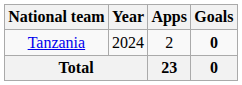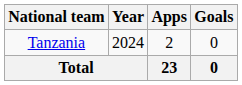 <table class="wikitable" style="text-align:center">
 <tr>
 <th>National team</th>
 <th>Year</th>
 <th>Apps</th>
 <th>Goals</th>
 </tr>
 <tr>
 <td rowspan="1"><a href='#'>Tanzania</a></td>
 <td>2024</td>
 <td>2</td>
-<td><strong>0</strong></td>
+<td>0</td>
 </tr>
 <tr>
 <th colspan="2">Total</th>
 <th>23</th>
 <th>0</th>
 </tr>
 </table>
